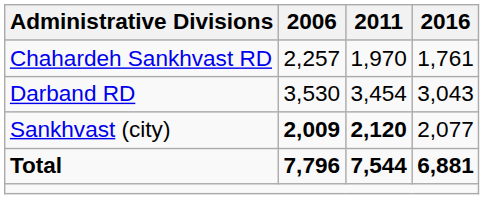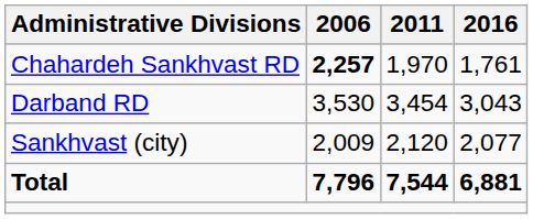 <table class="wikitable">
 <tr>
 <th>Administrative Divisions</th>
 <th>2006</th>
 <th>2011</th>
 <th>2016</th>
 </tr>
 <tr>
 <td><a href='#'>Chahardeh Sankhvast RD</a></td>
-<td style="text-align: right;">2,257</td>
+<td style="text-align: right;"><strong>2,257</strong></td>
 <td style="text-align: right;">1,970</td>
 <td style="text-align: right;">1,761</td>
 </tr>
 <tr>
 <td><a href='#'>Darband RD</a></td>
 <td style="text-align: right;">3,530</td>
 <td style="text-align: right;">3,454</td>
 <td style="text-align: right;">3,043</td>
 </tr>
 <tr>
 <td><a href='#'>Sankhvast</a> (city)</td>
-<td style="text-align: right;"><strong>2,009</strong></td>
-<td style="text-align: right;"><strong>2,120</strong></td>
+<td style="text-align: right;">2,009</td>
+<td style="text-align: right;">2,120</td>
 <td style="text-align: right;">2,077</td>
 </tr>
 <tr>
 <td><strong>Total</strong></td>
 <td style="text-align: right;"><strong>7,796</strong></td>
 <td style="text-align: right;"><strong>7,544</strong></td>
 <td style="text-align: right;"><strong>6,881</strong></td>
 </tr>
 <tr>
 <td colspan=4></td>
 </tr>
 </table>
